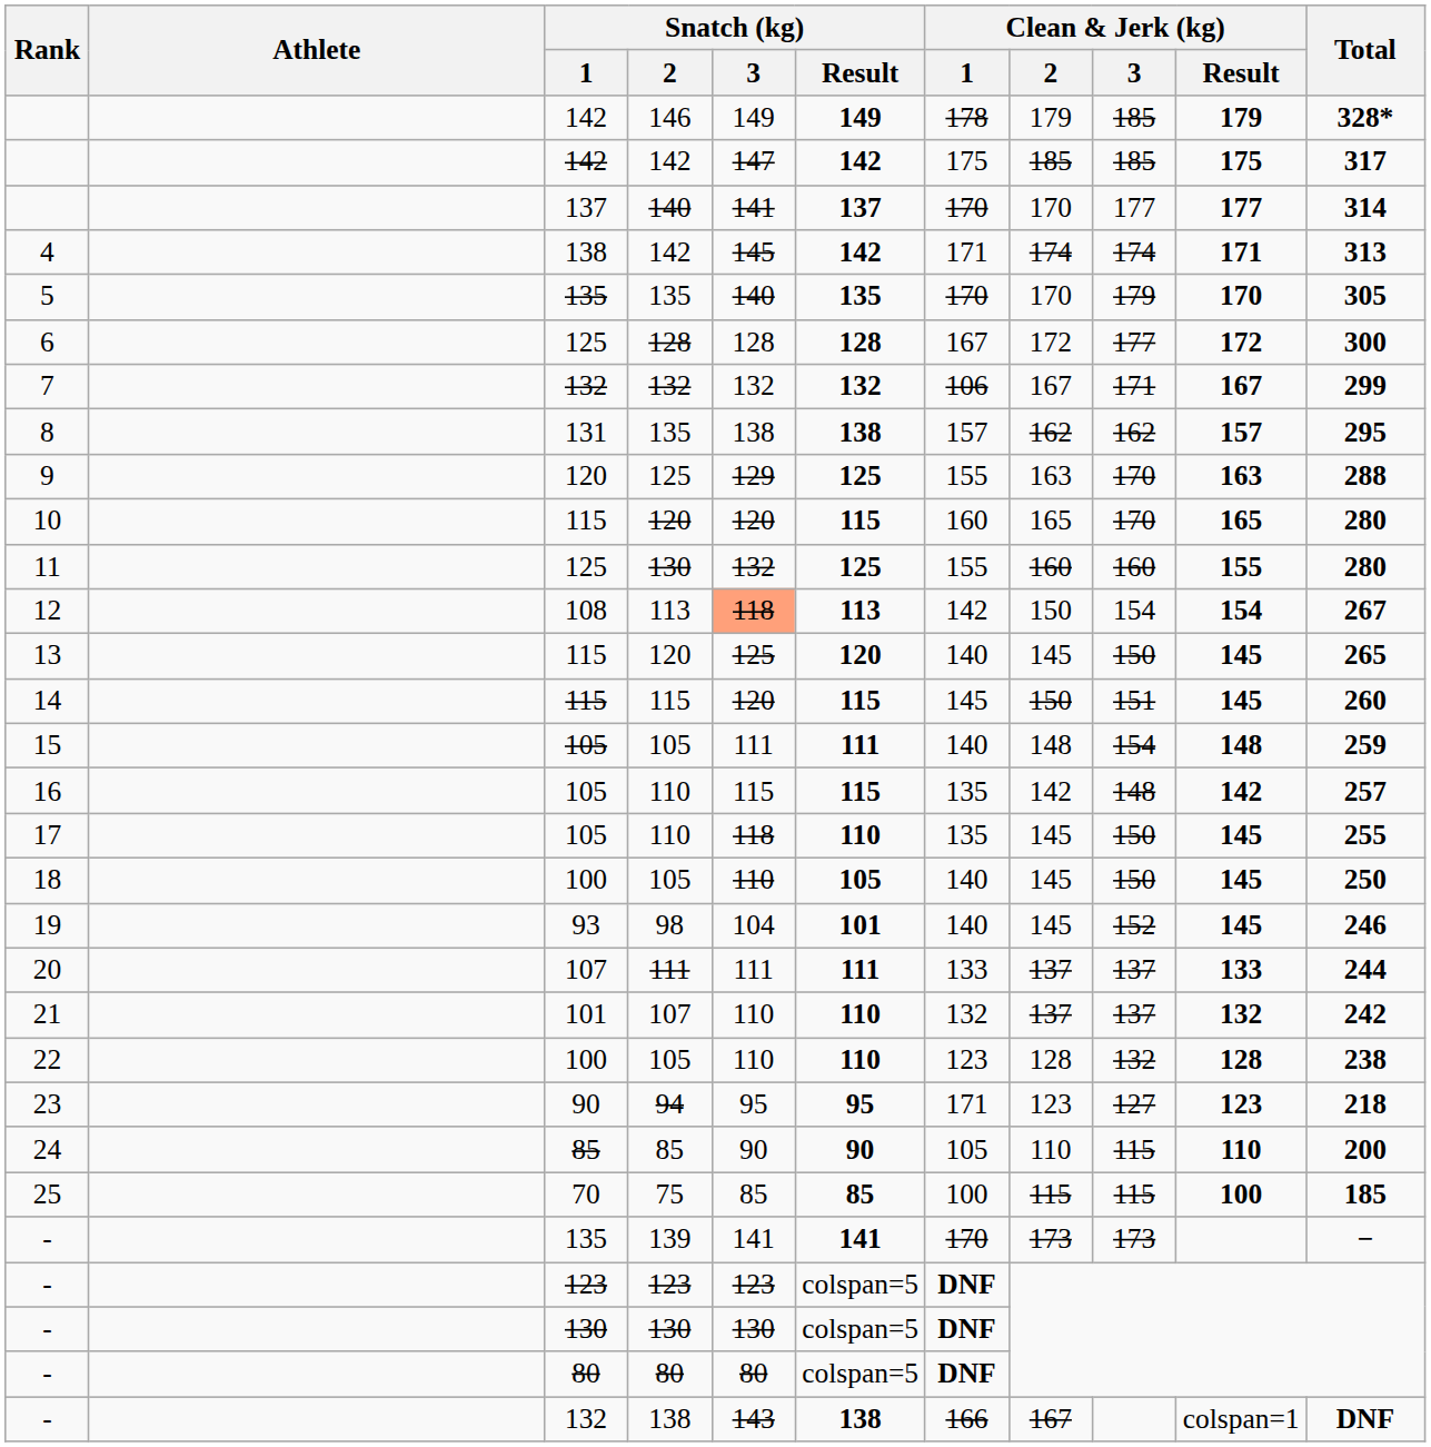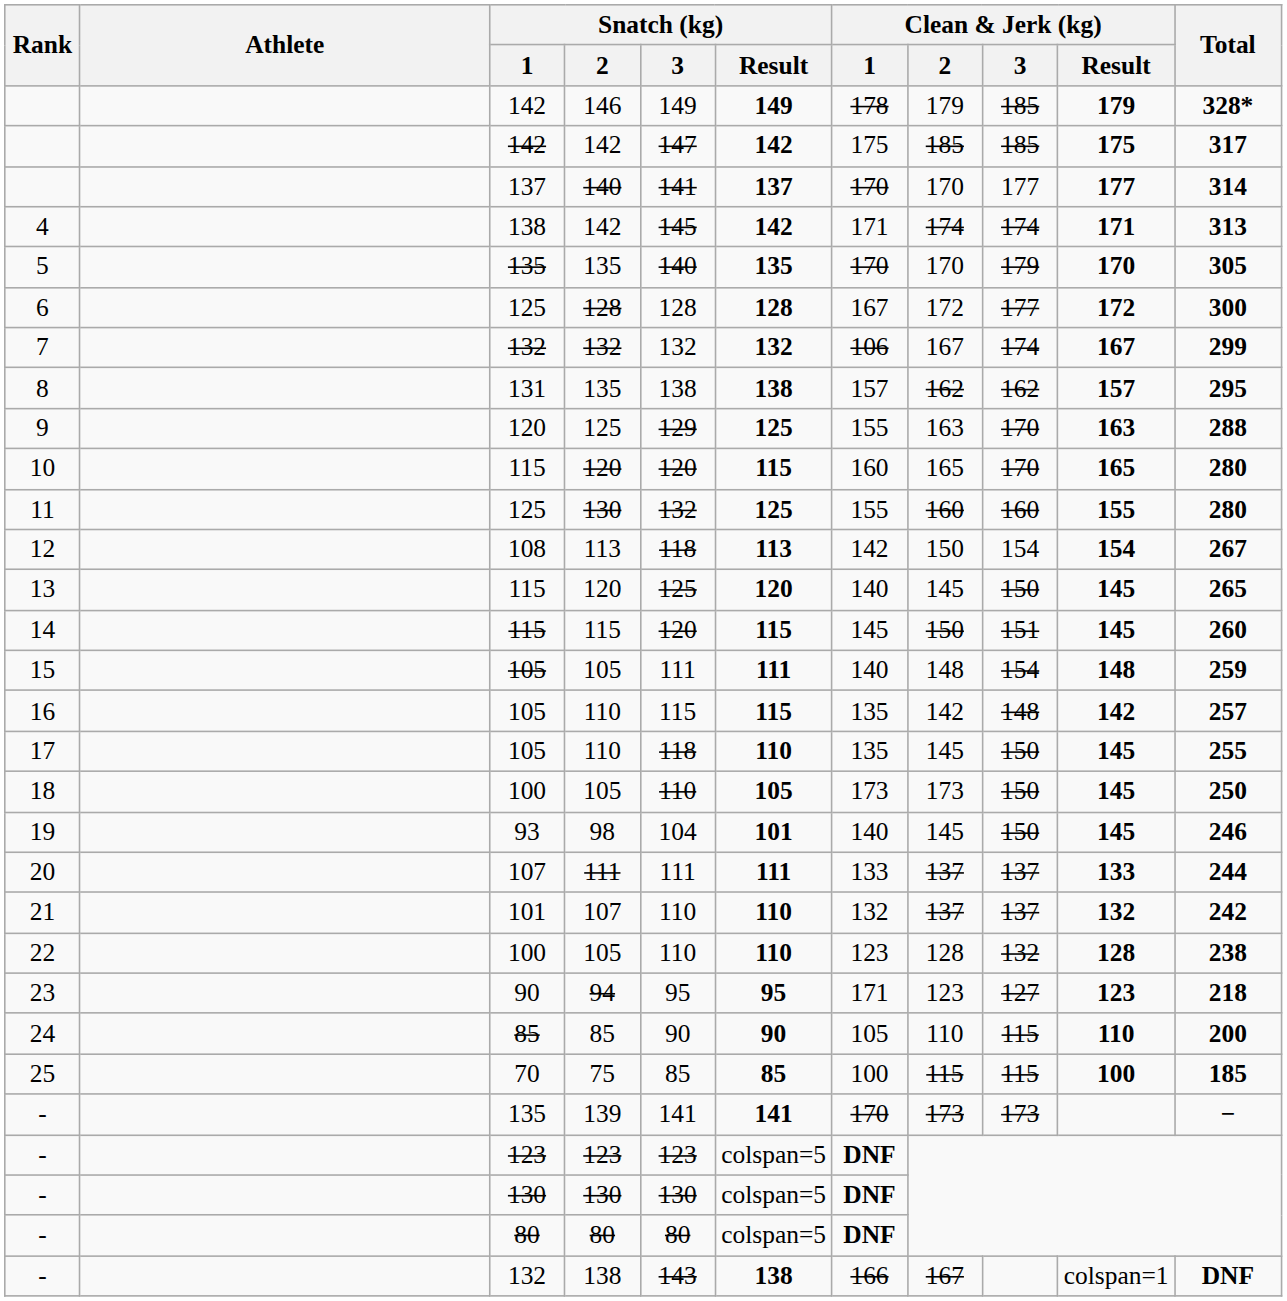 <table class = "wikitable" style="text-align:center;">
 <tr>
 <th rowspan=2 width=40>Rank</th>
 <th rowspan=2 width=250>Athlete</th>
 <th colspan=4>Snatch (kg)</th>
 <th colspan=4>Clean & Jerk (kg)</th>
 <th rowspan=2 width=60>Total</th>
 </tr>
 <tr>
 <th width=40>1</th>
 <th width=40>2</th>
 <th width=40>3</th>
 <th width=55>Result</th>
 <th width=40>1</th>
 <th width=40>2</th>
 <th width=40>3</th>
 <th width=55>Result</th>
 </tr>
 <tr>
 <td></td>
 <td align=left></td>
 <td>142</td>
 <td>146</td>
 <td>149</td>
 <td><strong>149</strong></td>
 <td><s>178</s></td>
 <td>179</td>
 <td><s>185</s></td>
 <td><strong>179</strong></td>
 <td><strong>328*</strong></td>
 </tr>
 <tr>
 <td></td>
 <td align=left></td>
 <td><s>142</s></td>
 <td>142</td>
 <td><s>147</s></td>
 <td><strong>142</strong></td>
 <td>175</td>
 <td><s>185</s></td>
 <td><s>185</s></td>
 <td><strong>175</strong></td>
 <td><strong>317</strong></td>
 </tr>
 <tr>
 <td></td>
 <td align=left></td>
 <td>137</td>
 <td><s>140</s></td>
 <td><s>141</s></td>
 <td><strong>137</strong></td>
 <td><s>170</s></td>
 <td>170</td>
 <td>177</td>
 <td><strong>177</strong></td>
 <td><strong>314</strong></td>
 </tr>
 <tr>
 <td>4</td>
 <td align=left></td>
 <td>138</td>
 <td>142</td>
 <td><s>145</s></td>
 <td><strong>142</strong></td>
 <td>171</td>
 <td><s>174</s></td>
 <td><s>174</s></td>
 <td><strong>171</strong></td>
 <td><strong>313</strong></td>
 </tr>
 <tr>
 <td>5</td>
 <td align=left></td>
 <td><s>135</s></td>
 <td>135</td>
 <td><s>140</s></td>
 <td><strong>135</strong></td>
 <td><s>170</s></td>
 <td>170</td>
 <td><s>179</s></td>
 <td><strong>170</strong></td>
 <td><strong>305</strong></td>
 </tr>
 <tr>
 <td>6</td>
 <td align=left></td>
 <td>125</td>
 <td><s>128</s></td>
 <td>128</td>
 <td><strong>128</strong></td>
 <td>167</td>
 <td>172</td>
 <td><s>177</s></td>
 <td><strong>172</strong></td>
 <td><strong>300</strong></td>
 </tr>
 <tr>
 <td>7</td>
 <td align=left></td>
 <td><s>132</s></td>
 <td><s>132</s></td>
 <td>132</td>
 <td><strong>132</strong></td>
 <td><s>106</s></td>
 <td>167</td>
-<td><s>171</s></td>
+<td><s>174</s></td>
 <td><strong>167</strong></td>
 <td><strong>299</strong></td>
 </tr>
 <tr>
 <td>8</td>
 <td align=left></td>
 <td>131</td>
 <td>135</td>
 <td>138</td>
 <td><strong>138</strong></td>
 <td>157</td>
 <td><s>162</s></td>
 <td><s>162</s></td>
 <td><strong>157</strong></td>
 <td><strong>295</strong></td>
 </tr>
 <tr>
 <td>9</td>
 <td align=left></td>
 <td>120</td>
 <td>125</td>
 <td><s>129</s></td>
 <td><strong>125</strong></td>
 <td>155</td>
 <td>163</td>
 <td><s>170</s></td>
 <td><strong>163</strong></td>
 <td><strong>288</strong></td>
 </tr>
 <tr>
 <td>10</td>
 <td align=left></td>
 <td>115</td>
 <td><s>120</s></td>
 <td><s>120</s></td>
 <td><strong>115</strong></td>
 <td>160</td>
 <td>165</td>
 <td><s>170</s></td>
 <td><strong>165</strong></td>
 <td><strong>280</strong></td>
 </tr>
 <tr>
 <td>11</td>
 <td align=left></td>
 <td>125</td>
 <td><s>130</s></td>
 <td><s>132</s></td>
 <td><strong>125</strong></td>
 <td>155</td>
 <td><s>160</s></td>
 <td><s>160</s></td>
 <td><strong>155</strong></td>
 <td><strong>280</strong></td>
 </tr>
 <tr>
 <td>12</td>
 <td align=left></td>
 <td>108</td>
 <td>113</td>
-<td style="background: lightsalmon;"><s>118</s></td>
+<td><s>118</s></td>
 <td><strong>113</strong></td>
 <td>142</td>
 <td>150</td>
 <td>154</td>
 <td><strong>154</strong></td>
 <td><strong>267</strong></td>
 </tr>
 <tr>
 <td>13</td>
 <td align=left></td>
 <td>115</td>
 <td>120</td>
 <td><s>125</s></td>
 <td><strong>120</strong></td>
 <td>140</td>
 <td>145</td>
 <td><s>150</s></td>
 <td><strong>145</strong></td>
 <td><strong>265</strong></td>
 </tr>
 <tr>
 <td>14</td>
 <td align=left></td>
 <td><s>115</s></td>
 <td>115</td>
 <td><s>120</s></td>
 <td><strong>115</strong></td>
 <td>145</td>
 <td><s>150</s></td>
 <td><s>151</s></td>
 <td><strong>145</strong></td>
 <td><strong>260</strong></td>
 </tr>
 <tr>
 <td>15</td>
 <td align=left></td>
 <td><s>105</s></td>
 <td>105</td>
 <td>111</td>
 <td><strong>111</strong></td>
 <td>140</td>
 <td>148</td>
 <td><s>154</s></td>
 <td><strong>148</strong></td>
 <td><strong>259</strong></td>
 </tr>
 <tr>
 <td>16</td>
 <td align=left></td>
 <td>105</td>
 <td>110</td>
 <td>115</td>
 <td><strong>115</strong></td>
 <td>135</td>
 <td>142</td>
 <td><s>148</s></td>
 <td><strong>142</strong></td>
 <td><strong>257</strong></td>
 </tr>
 <tr>
 <td>17</td>
 <td align=left></td>
 <td>105</td>
 <td>110</td>
 <td><s>118</s></td>
 <td><strong>110</strong></td>
 <td>135</td>
 <td>145</td>
 <td><s>150</s></td>
 <td><strong>145</strong></td>
 <td><strong>255</strong></td>
 </tr>
 <tr>
 <td>18</td>
 <td align=left></td>
 <td>100</td>
 <td>105</td>
 <td><s>110</s></td>
 <td><strong>105</strong></td>
-<td>140</td>
-<td>145</td>
+<td>173</td>
+<td>173</td>
 <td><s>150</s></td>
 <td><strong>145</strong></td>
 <td><strong>250</strong></td>
 </tr>
 <tr>
 <td>19</td>
 <td align=left></td>
 <td>93</td>
 <td>98</td>
 <td>104</td>
 <td><strong>101</strong></td>
 <td>140</td>
 <td>145</td>
-<td><s>152</s></td>
+<td><s>150</s></td>
 <td><strong>145</strong></td>
 <td><strong>246</strong></td>
 </tr>
 <tr>
 <td>20</td>
 <td align=left></td>
 <td>107</td>
 <td><s>111</s></td>
 <td>111</td>
 <td><strong>111</strong></td>
 <td>133</td>
 <td><s>137</s></td>
 <td><s>137</s></td>
 <td><strong>133</strong></td>
 <td><strong>244</strong></td>
 </tr>
 <tr>
 <td>21</td>
 <td align=left></td>
 <td>101</td>
 <td>107</td>
 <td>110</td>
 <td><strong>110</strong></td>
 <td>132</td>
 <td><s>137</s></td>
 <td><s>137</s></td>
 <td><strong>132</strong></td>
 <td><strong>242</strong></td>
 </tr>
 <tr>
 <td>22</td>
 <td align=left></td>
 <td>100</td>
 <td>105</td>
 <td>110</td>
 <td><strong>110</strong></td>
 <td>123</td>
 <td>128</td>
 <td><s>132</s></td>
 <td><strong>128</strong></td>
 <td><strong>238</strong></td>
 </tr>
 <tr>
 <td>23</td>
 <td align=left></td>
 <td>90</td>
 <td><s>94</s></td>
 <td>95</td>
 <td><strong>95</strong></td>
 <td>171</td>
 <td>123</td>
 <td><s>127</s></td>
 <td><strong>123</strong></td>
 <td><strong>218</strong></td>
 </tr>
 <tr>
 <td>24</td>
 <td align=left></td>
 <td><s>85</s></td>
 <td>85</td>
 <td>90</td>
 <td><strong>90</strong></td>
 <td>105</td>
 <td>110</td>
 <td><s>115</s></td>
 <td><strong>110</strong></td>
 <td><strong>200</strong></td>
 </tr>
 <tr>
 <td>25</td>
 <td align=left></td>
 <td>70</td>
 <td>75</td>
 <td>85</td>
 <td><strong>85</strong></td>
 <td>100</td>
 <td><s>115</s></td>
 <td><s>115</s></td>
 <td><strong>100</strong></td>
 <td><strong>185</strong></td>
 </tr>
 <tr>
 <td>-</td>
 <td align=left></td>
 <td>135</td>
 <td>139</td>
 <td>141</td>
 <td><strong>141</strong></td>
 <td><s>170</s></td>
 <td><s>173</s></td>
 <td><s>173</s></td>
 <td></td>
 <td><strong>−</strong></td>
 </tr>
 <tr>
 <td>-</td>
 <td align=left></td>
 <td><s>123</s></td>
 <td><s>123</s></td>
 <td><s>123</s></td>
 <td>colspan=5 </td>
 <td><strong>DNF</strong></td>
 </tr>
 <tr>
 <td>-</td>
 <td align=left></td>
 <td><s>130</s></td>
 <td><s>130</s></td>
 <td><s>130</s></td>
 <td>colspan=5 </td>
 <td><strong>DNF</strong></td>
 </tr>
 <tr>
 <td>-</td>
 <td align=left></td>
 <td><s>80</s></td>
 <td><s>80</s></td>
 <td><s>80</s></td>
 <td>colspan=5 </td>
 <td><strong>DNF</strong></td>
 </tr>
 <tr>
 <td>-</td>
 <td align=left></td>
 <td>132</td>
 <td>138</td>
 <td><s>143</s></td>
 <td><strong>138</strong></td>
 <td><s>166</s></td>
 <td><s>167</s></td>
 <td></td>
 <td>colspan=1 </td>
 <td><strong>DNF</strong></td>
 </tr>
 </table>
